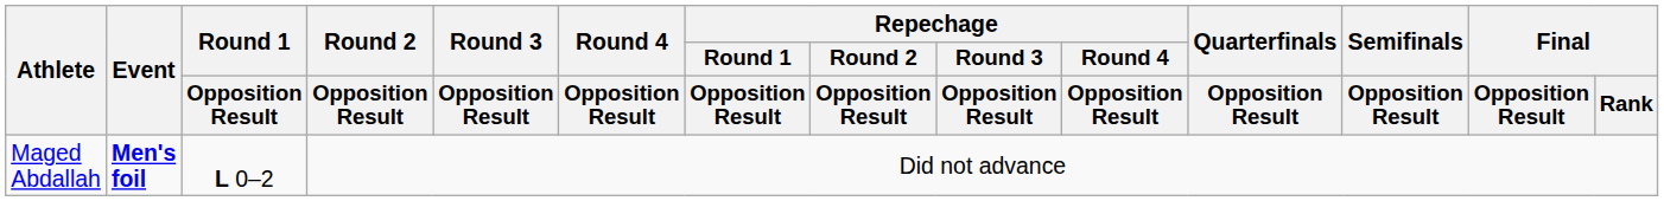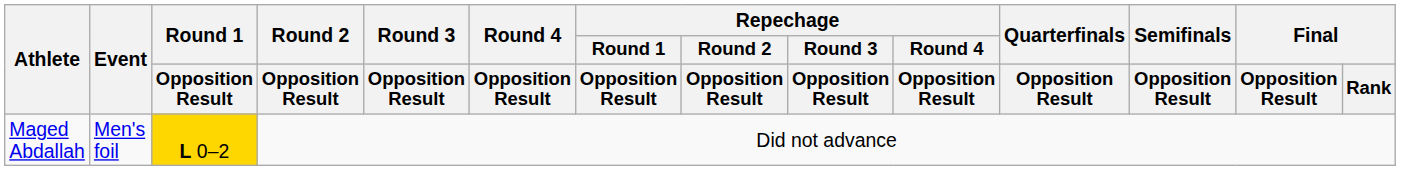 <table class="wikitable" style="font-size:90%">
 <tr>
 <th rowspan="3">Athlete</th>
 <th rowspan="3">Event</th>
 <th rowspan="2">Round 1</th>
 <th rowspan="2">Round 2</th>
 <th rowspan="2">Round 3</th>
 <th rowspan="2">Round 4</th>
 <th colspan=4>Repechage</th>
 <th rowspan="2">Quarterfinals</th>
 <th rowspan="2">Semifinals</th>
 <th rowspan="2" colspan=2>Final</th>
 </tr>
 <tr style="font-size:95%">
 <th>Round 1</th>
 <th>Round 2</th>
 <th>Round 3</th>
 <th>Round 4</th>
 </tr>
 <tr style="font-size:95%">
 <th>Opposition<br>Result</th>
 <th>Opposition<br>Result</th>
 <th>Opposition<br>Result</th>
 <th>Opposition<br>Result</th>
 <th>Opposition<br>Result</th>
 <th>Opposition<br>Result</th>
 <th>Opposition<br>Result</th>
 <th>Opposition<br>Result</th>
 <th>Opposition<br>Result</th>
 <th>Opposition<br>Result</th>
 <th>Opposition<br>Result</th>
 <th>Rank</th>
 </tr>
 <tr align=center>
 <td align=left><a href='#'>Maged Abdallah</a></td>
-<td align=left><strong><a href='#'>Men's foil</a></strong></td>
-<td><br><strong>L</strong> 0–2</td>
+<td align=left><a href='#'>Men's foil</a></td>
+<td style="background: gold;"><br><strong>L</strong> 0–2</td>
 <td colspan=11>Did not advance</td>
 </tr>
 </table>
